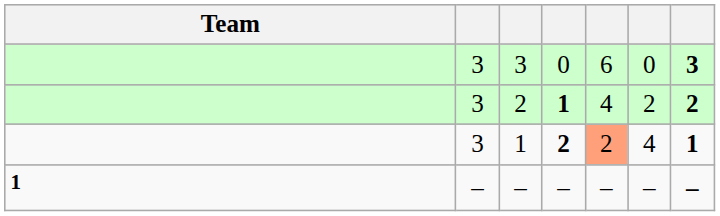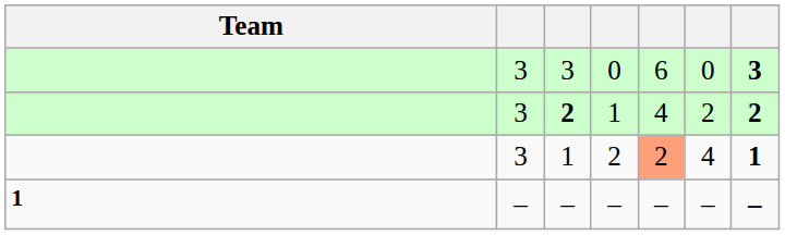 <table class=wikitable style="text-align:center">
 <tr>
 <th width=280>Team</th>
 <th width=20></th>
 <th width=20></th>
 <th width=20></th>
 <th width=20></th>
 <th width=20></th>
 <th width=20></th>
 </tr>
 <tr bgcolor=ccffcc>
 <td style="text-align:left"></td>
 <td>3</td>
 <td>3</td>
 <td>0</td>
 <td>6</td>
 <td>0</td>
 <td><strong>3</strong></td>
 </tr>
 <tr bgcolor=ccffcc>
 <td style="text-align:left"></td>
 <td>3</td>
-<td>2</td>
-<td><strong>1</strong></td>
+<td><strong>2</strong></td>
+<td>1</td>
 <td>4</td>
 <td>2</td>
 <td><strong>2</strong></td>
 </tr>
 <tr>
 <td style="text-align:left"></td>
 <td>3</td>
 <td>1</td>
-<td><strong>2</strong></td>
+<td>2</td>
 <td style="background: lightsalmon;">2</td>
 <td>4</td>
 <td><strong>1</strong></td>
 </tr>
 <tr>
 <td style="text-align:left"><sup><strong>1</strong></sup></td>
 <td>–</td>
 <td>–</td>
 <td>–</td>
 <td>–</td>
 <td>–</td>
 <td><strong>–</strong></td>
 </tr>
 </table>
